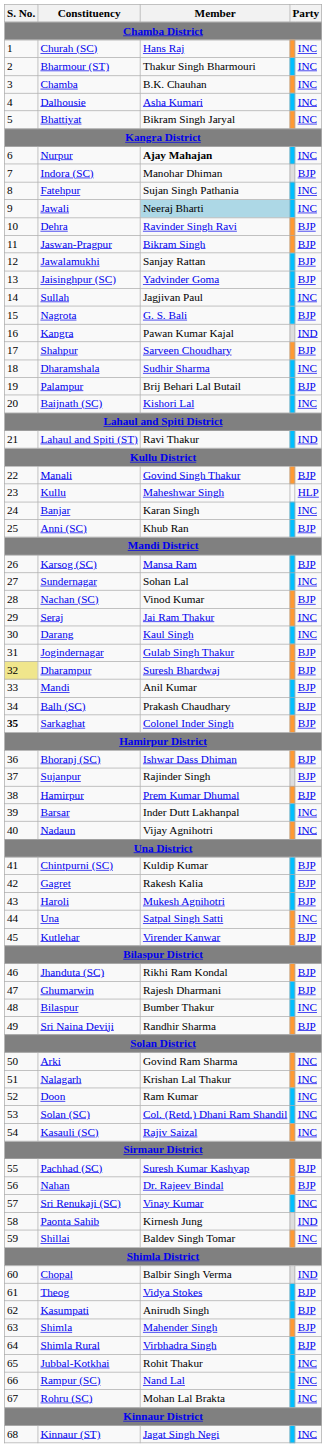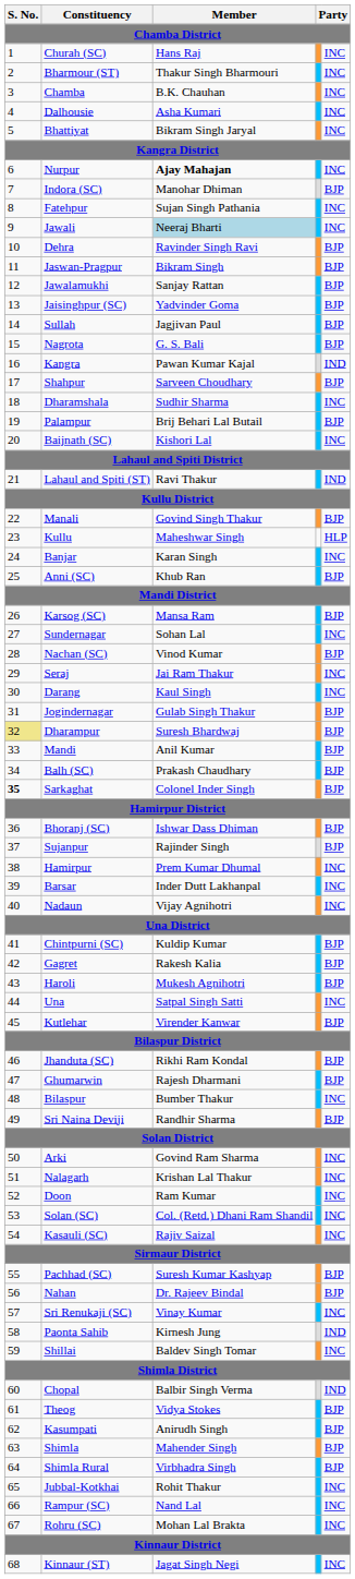 <table class="wikitable sortable">
 <tr>
 <th>S. No.</th>
 <th>Constituency</th>
 <th>Member</th>
 <th colspan="2">Party</th>
 </tr>
 <tr>
 <td colspan="5" align="center" bgcolor="grey"><a href='#'><span><strong>Chamba District</strong></span></a></td>
 </tr>
 <tr>
 <td>1</td>
 <td><a href='#'>Churah (SC)</a></td>
 <td><a href='#'>Hans Raj</a></td>
 <td style="color:inherit;background:#FF9933"></td>
 <td><a href='#'>INC</a></td>
 </tr>
 <tr>
 <td>2</td>
 <td><a href='#'>Bharmour (ST)</a></td>
 <td>Thakur Singh Bharmouri</td>
 <td style="color:inherit;background:#00BFFF"></td>
 <td><a href='#'>INC</a></td>
 </tr>
 <tr>
 <td>3</td>
 <td><a href='#'>Chamba</a></td>
 <td>B.K. Chauhan</td>
 <td style="color:inherit;background:#FF9933"></td>
 <td><a href='#'>INC</a></td>
 </tr>
 <tr>
 <td>4</td>
 <td><a href='#'>Dalhousie</a></td>
 <td><a href='#'>Asha Kumari</a></td>
 <td style="color:inherit;background:#00BFFF"></td>
 <td><a href='#'>INC</a></td>
 </tr>
 <tr>
 <td>5</td>
 <td><a href='#'>Bhattiyat</a></td>
 <td>Bikram Singh Jaryal</td>
 <td style="color:inherit;background:#FF9933"></td>
 <td><a href='#'>INC</a></td>
 </tr>
 <tr>
 <td colspan="5" align="center" bgcolor="grey"><a href='#'><span><strong>Kangra District</strong></span></a></td>
 </tr>
 <tr>
 <td>6</td>
 <td><a href='#'>Nurpur</a></td>
 <td><strong>Ajay Mahajan</strong></td>
 <td style="color:inherit;background:#00BFFF"></td>
 <td><a href='#'>INC</a></td>
 </tr>
 <tr>
 <td>7</td>
 <td><a href='#'>Indora (SC)</a></td>
 <td>Manohar Dhiman</td>
 <td style="color:inherit;background:#DDDDDD"></td>
 <td><a href='#'>BJP</a></td>
 </tr>
 <tr>
 <td>8</td>
 <td><a href='#'>Fatehpur</a></td>
 <td>Sujan Singh Pathania</td>
 <td style="color:inherit;background:#00BFFF"></td>
 <td><a href='#'>INC</a></td>
 </tr>
 <tr>
 <td>9</td>
 <td><a href='#'>Jawali</a></td>
 <td style="background: lightblue;">Neeraj Bharti</td>
 <td style="color:inherit;background:#00BFFF"></td>
 <td><a href='#'>INC</a></td>
 </tr>
 <tr>
 <td>10</td>
 <td><a href='#'>Dehra</a></td>
 <td><a href='#'>Ravinder Singh Ravi</a></td>
 <td style="color:inherit;background:#FF9933"></td>
 <td><a href='#'>BJP</a></td>
 </tr>
 <tr>
 <td>11</td>
 <td><a href='#'>Jaswan-Pragpur</a></td>
 <td><a href='#'>Bikram Singh</a></td>
 <td style="color:inherit;background:#FF9933"></td>
 <td><a href='#'>BJP</a></td>
 </tr>
 <tr>
 <td>12</td>
 <td><a href='#'>Jawalamukhi</a></td>
 <td>Sanjay Rattan</td>
 <td style="color:inherit;background:#00BFFF"></td>
 <td><a href='#'>BJP</a></td>
 </tr>
 <tr>
 <td>13</td>
 <td><a href='#'>Jaisinghpur (SC)</a></td>
 <td><a href='#'>Yadvinder Goma</a></td>
 <td style="color:inherit;background:#00BFFF"></td>
 <td><a href='#'>BJP</a></td>
 </tr>
 <tr>
 <td>14</td>
 <td><a href='#'>Sullah</a></td>
 <td>Jagjivan Paul</td>
 <td style="color:inherit;background:#00BFFF"></td>
-<td><a href='#'>INC</a></td>
+<td><a href='#'>BJP</a></td>
 </tr>
 <tr>
 <td>15</td>
 <td><a href='#'>Nagrota</a></td>
 <td><a href='#'>G. S. Bali</a></td>
 <td style="color:inherit;background:#00BFFF"></td>
 <td><a href='#'>BJP</a></td>
 </tr>
 <tr>
 <td>16</td>
 <td><a href='#'>Kangra</a></td>
 <td>Pawan Kumar Kajal</td>
 <td style="color:inherit;background:#DDDDDD"></td>
 <td><a href='#'>IND</a></td>
 </tr>
 <tr>
 <td>17</td>
 <td><a href='#'>Shahpur</a></td>
 <td><a href='#'>Sarveen Choudhary</a></td>
 <td style="color:inherit;background:#FF9933"></td>
 <td><a href='#'>BJP</a></td>
 </tr>
 <tr>
 <td>18</td>
 <td><a href='#'>Dharamshala</a></td>
 <td><a href='#'>Sudhir Sharma</a></td>
 <td style="color:inherit;background:#00BFFF"></td>
 <td><a href='#'>INC</a></td>
 </tr>
 <tr>
 <td>19</td>
 <td><a href='#'>Palampur</a></td>
 <td>Brij Behari Lal Butail</td>
 <td style="color:inherit;background:#00BFFF"></td>
 <td><a href='#'>BJP</a></td>
 </tr>
 <tr>
 <td>20</td>
 <td><a href='#'>Baijnath (SC)</a></td>
 <td><a href='#'>Kishori Lal</a></td>
 <td style="color:inherit;background:#00BFFF"></td>
 <td><a href='#'>INC</a></td>
 </tr>
 <tr>
 <td colspan="5" align="center" bgcolor="grey"><a href='#'><span><strong>Lahaul and Spiti District</strong></span></a></td>
 </tr>
 <tr>
 <td>21</td>
 <td><a href='#'>Lahaul and Spiti (ST)</a></td>
 <td>Ravi Thakur</td>
 <td style="color:inherit;background:#00BFFF"></td>
 <td><a href='#'>IND</a></td>
 </tr>
 <tr>
 <td colspan="5" align="center" bgcolor="grey"><a href='#'><span><strong>Kullu District</strong></span></a></td>
 </tr>
 <tr>
 <td>22</td>
 <td><a href='#'>Manali</a></td>
 <td><a href='#'>Govind Singh Thakur</a></td>
 <td style="color:inherit;background:#FF9933"></td>
 <td><a href='#'>BJP</a></td>
 </tr>
 <tr>
 <td>23</td>
 <td><a href='#'>Kullu</a></td>
 <td><a href='#'>Maheshwar Singh</a></td>
 <td></td>
 <td><a href='#'>HLP</a></td>
 </tr>
 <tr>
 <td>24</td>
 <td><a href='#'>Banjar</a></td>
 <td>Karan Singh</td>
 <td style="color:inherit;background:#00BFFF"></td>
 <td><a href='#'>INC</a></td>
 </tr>
 <tr>
 <td>25</td>
 <td><a href='#'>Anni (SC)</a></td>
 <td>Khub Ran</td>
 <td style="color:inherit;background:#00BFFF"></td>
 <td><a href='#'>BJP</a></td>
 </tr>
 <tr>
 <td colspan="5" align="center" bgcolor="grey"><a href='#'><span><strong>Mandi District</strong></span></a></td>
 </tr>
 <tr>
 <td>26</td>
 <td><a href='#'>Karsog (SC)</a></td>
 <td><a href='#'>Mansa Ram</a></td>
 <td style="color:inherit;background:#00BFFF"></td>
 <td><a href='#'>BJP</a></td>
 </tr>
 <tr>
 <td>27</td>
 <td><a href='#'>Sundernagar</a></td>
 <td>Sohan Lal</td>
 <td style="color:inherit;background:#00BFFF"></td>
 <td><a href='#'>INC</a></td>
 </tr>
 <tr>
 <td>28</td>
 <td><a href='#'>Nachan (SC)</a></td>
 <td>Vinod Kumar</td>
 <td style="color:inherit;background:#FF9933"></td>
 <td><a href='#'>BJP</a></td>
 </tr>
 <tr>
 <td>29</td>
 <td><a href='#'>Seraj</a></td>
 <td><a href='#'>Jai Ram Thakur</a></td>
 <td style="color:inherit;background:#FF9933"></td>
 <td><a href='#'>INC</a></td>
 </tr>
 <tr>
 <td>30</td>
 <td><a href='#'>Darang</a></td>
 <td><a href='#'>Kaul Singh</a></td>
 <td style="color:inherit;background:#00BFFF"></td>
 <td><a href='#'>INC</a></td>
 </tr>
 <tr>
 <td>31</td>
 <td><a href='#'>Jogindernagar</a></td>
 <td><a href='#'>Gulab Singh Thakur</a></td>
 <td style="color:inherit;background:#FF9933"></td>
 <td><a href='#'>BJP</a></td>
 </tr>
 <tr>
 <td style="background: khaki;">32</td>
 <td><a href='#'>Dharampur</a></td>
 <td><a href='#'>Suresh Bhardwaj</a></td>
 <td style="color:inherit;background:#FF9933"></td>
 <td><a href='#'>BJP</a></td>
 </tr>
 <tr>
 <td>33</td>
 <td><a href='#'>Mandi</a></td>
 <td>Anil Kumar</td>
 <td style="color:inherit;background:#00BFFF"></td>
 <td><a href='#'>BJP</a></td>
 </tr>
 <tr>
 <td>34</td>
 <td><a href='#'>Balh (SC)</a></td>
 <td>Prakash Chaudhary</td>
 <td style="color:inherit;background:#00BFFF"></td>
 <td><a href='#'>BJP</a></td>
 </tr>
 <tr>
 <td><strong>35</strong></td>
 <td><a href='#'>Sarkaghat</a></td>
 <td><a href='#'>Colonel Inder Singh</a></td>
 <td style="color:inherit;background:#FF9933"></td>
 <td><a href='#'>BJP</a></td>
 </tr>
 <tr>
 <td colspan="5" align="center" bgcolor="grey"><a href='#'><span><strong>Hamirpur District</strong></span></a></td>
 </tr>
 <tr>
 <td>36</td>
 <td><a href='#'>Bhoranj (SC)</a></td>
 <td><a href='#'>Ishwar Dass Dhiman</a></td>
 <td style="color:inherit;background:#FF9933"></td>
 <td><a href='#'>BJP</a></td>
 </tr>
 <tr>
 <td>37</td>
 <td><a href='#'>Sujanpur</a></td>
 <td>Rajinder Singh</td>
 <td style="color:inherit;background:#DDDDDD"></td>
 <td><a href='#'>BJP</a></td>
 </tr>
 <tr>
 <td>38</td>
 <td><a href='#'>Hamirpur</a></td>
 <td><a href='#'>Prem Kumar Dhumal</a></td>
 <td style="color:inherit;background:#FF9933"></td>
-<td><a href='#'>BJP</a></td>
+<td><a href='#'>INC</a></td>
 </tr>
 <tr>
 <td>39</td>
 <td><a href='#'>Barsar</a></td>
 <td>Inder Dutt Lakhanpal</td>
 <td style="color:inherit;background:#00BFFF"></td>
 <td><a href='#'>INC</a></td>
 </tr>
 <tr>
 <td>40</td>
 <td><a href='#'>Nadaun</a></td>
 <td>Vijay Agnihotri</td>
 <td style="color:inherit;background:#FF9933"></td>
 <td><a href='#'>INC</a></td>
 </tr>
 <tr>
 <td colspan="5" align="center" bgcolor="grey"><a href='#'><span><strong>Una District</strong></span></a></td>
 </tr>
 <tr>
 <td>41</td>
 <td><a href='#'>Chintpurni (SC)</a></td>
 <td>Kuldip Kumar</td>
 <td style="color:inherit;background:#00BFFF"></td>
 <td><a href='#'>BJP</a></td>
 </tr>
 <tr>
 <td>42</td>
 <td><a href='#'>Gagret</a></td>
 <td>Rakesh Kalia</td>
 <td style="color:inherit;background:#00BFFF"></td>
 <td><a href='#'>BJP</a></td>
 </tr>
 <tr>
 <td>43</td>
 <td><a href='#'>Haroli</a></td>
 <td><a href='#'>Mukesh Agnihotri</a></td>
 <td style="color:inherit;background:#00BFFF"></td>
 <td><a href='#'>BJP</a></td>
 </tr>
 <tr>
 <td>44</td>
 <td><a href='#'>Una</a></td>
 <td><a href='#'>Satpal Singh Satti</a></td>
 <td style="color:inherit;background:#FF9933"></td>
 <td><a href='#'>INC</a></td>
 </tr>
 <tr>
 <td>45</td>
 <td><a href='#'>Kutlehar</a></td>
 <td><a href='#'>Virender Kanwar</a></td>
 <td style="color:inherit;background:#FF9933"></td>
 <td><a href='#'>BJP</a></td>
 </tr>
 <tr>
 <td colspan="5" align="center" bgcolor="grey"><a href='#'><span><strong>Bilaspur District</strong></span></a></td>
 </tr>
 <tr>
 <td>46</td>
 <td><a href='#'>Jhanduta (SC)</a></td>
 <td>Rikhi Ram Kondal</td>
 <td style="color:inherit;background:#FF9933"></td>
 <td><a href='#'>BJP</a></td>
 </tr>
 <tr>
 <td>47</td>
 <td><a href='#'>Ghumarwin</a></td>
 <td>Rajesh Dharmani</td>
 <td style="color:inherit;background:#00BFFF"></td>
 <td><a href='#'>BJP</a></td>
 </tr>
 <tr>
 <td>48</td>
 <td><a href='#'>Bilaspur</a></td>
 <td>Bumber Thakur</td>
 <td style="color:inherit;background:#00BFFF"></td>
 <td><a href='#'>INC</a></td>
 </tr>
 <tr>
 <td>49</td>
 <td><a href='#'>Sri Naina Deviji</a></td>
 <td>Randhir Sharma</td>
 <td style="color:inherit;background:#FF9933"></td>
 <td><a href='#'>BJP</a></td>
 </tr>
 <tr>
 <td colspan="5" align="center" bgcolor="grey"><a href='#'><span><strong>Solan District</strong></span></a></td>
 </tr>
 <tr>
 <td>50</td>
 <td><a href='#'>Arki</a></td>
 <td>Govind Ram Sharma</td>
 <td style="color:inherit;background:#FF9933"></td>
 <td><a href='#'>INC</a></td>
 </tr>
 <tr>
 <td>51</td>
 <td><a href='#'>Nalagarh</a></td>
 <td>Krishan Lal Thakur</td>
 <td style="color:inherit;background:#FF9933"></td>
 <td><a href='#'>INC</a></td>
 </tr>
 <tr>
 <td>52</td>
 <td><a href='#'>Doon</a></td>
 <td>Ram Kumar</td>
 <td style="color:inherit;background:#00BFFF"></td>
 <td><a href='#'>INC</a></td>
 </tr>
 <tr>
 <td>53</td>
 <td><a href='#'>Solan (SC)</a></td>
 <td><a href='#'>Col. (Retd.) Dhani Ram Shandil</a></td>
 <td style="color:inherit;background:#00BFFF"></td>
 <td><a href='#'>INC</a></td>
 </tr>
 <tr>
 <td>54</td>
 <td><a href='#'>Kasauli (SC)</a></td>
 <td><a href='#'>Rajiv Saizal</a></td>
 <td style="color:inherit;background:#FF9933"></td>
 <td><a href='#'>INC</a></td>
 </tr>
 <tr>
 <td colspan="5" align="center" bgcolor="grey"><a href='#'><span><strong>Sirmaur District</strong></span></a></td>
 </tr>
 <tr>
 <td>55</td>
 <td><a href='#'>Pachhad (SC)</a></td>
 <td><a href='#'>Suresh Kumar Kashyap</a></td>
 <td style="color:inherit;background:#FF9933"></td>
 <td><a href='#'>BJP</a></td>
 </tr>
 <tr>
 <td>56</td>
 <td><a href='#'>Nahan</a></td>
 <td><a href='#'>Dr. Rajeev Bindal</a></td>
 <td style="color:inherit;background:#FF9933"></td>
 <td><a href='#'>BJP</a></td>
 </tr>
 <tr>
 <td>57</td>
 <td><a href='#'>Sri Renukaji (SC)</a></td>
 <td><a href='#'>Vinay Kumar</a></td>
 <td style="color:inherit;background:#00BFFF"></td>
 <td><a href='#'>INC</a></td>
 </tr>
 <tr>
 <td>58</td>
 <td><a href='#'>Paonta Sahib</a></td>
 <td>Kirnesh Jung</td>
 <td style="color:inherit;background:#dddddd"></td>
 <td><a href='#'>IND</a></td>
 </tr>
 <tr>
 <td>59</td>
 <td><a href='#'>Shillai</a></td>
 <td>Baldev Singh Tomar</td>
 <td style="color:inherit;background:#ff9933"></td>
 <td><a href='#'>INC</a></td>
 </tr>
 <tr>
 <td colspan="5" align="center" bgcolor="grey"><a href='#'><span><strong>Shimla District</strong></span></a></td>
 </tr>
 <tr>
 <td>60</td>
 <td><a href='#'>Chopal</a></td>
 <td>Balbir Singh Verma</td>
 <td style="color:inherit;background:#dddddd"></td>
 <td><a href='#'>IND</a></td>
 </tr>
 <tr>
 <td>61</td>
 <td><a href='#'>Theog</a></td>
 <td><a href='#'>Vidya Stokes</a></td>
 <td style="color:inherit;background:#00BFFF"></td>
 <td><a href='#'>BJP</a></td>
 </tr>
 <tr>
 <td>62</td>
 <td><a href='#'>Kasumpati</a></td>
 <td>Anirudh Singh</td>
 <td style="color:inherit;background:#00BFFF"></td>
 <td><a href='#'>BJP</a></td>
 </tr>
 <tr>
 <td>63</td>
 <td><a href='#'>Shimla</a></td>
 <td><a href='#'>Mahender Singh</a></td>
 <td style="color:inherit;background:#FF9933"></td>
 <td><a href='#'>BJP</a></td>
 </tr>
 <tr>
 <td>64</td>
 <td><a href='#'>Shimla Rural</a></td>
 <td><a href='#'>Virbhadra Singh</a></td>
 <td style="color:inherit;background:#00BFFF"></td>
 <td><a href='#'>BJP</a></td>
 </tr>
 <tr>
 <td>65</td>
 <td><a href='#'>Jubbal-Kotkhai</a></td>
 <td>Rohit Thakur</td>
 <td style="color:inherit;background:#00BFFF"></td>
 <td><a href='#'>INC</a></td>
 </tr>
 <tr>
 <td>66</td>
 <td><a href='#'>Rampur (SC)</a></td>
 <td><a href='#'>Nand Lal</a></td>
 <td style="color:inherit;background:#00BFFF"></td>
 <td><a href='#'>INC</a></td>
 </tr>
 <tr>
 <td>67</td>
 <td><a href='#'>Rohru (SC)</a></td>
 <td>Mohan Lal Brakta</td>
 <td style="color:inherit;background:#00BFFF"></td>
 <td><a href='#'>INC</a></td>
 </tr>
 <tr>
 <td colspan="5" align="center" bgcolor="grey"><a href='#'><span><strong>Kinnaur District</strong></span></a></td>
 </tr>
 <tr>
 <td>68</td>
 <td><a href='#'>Kinnaur (ST)</a></td>
 <td><a href='#'>Jagat Singh Negi</a></td>
 <td style="color:inherit;background:#00BFFF"></td>
 <td><a href='#'>INC</a></td>
 </tr>
 </table>
